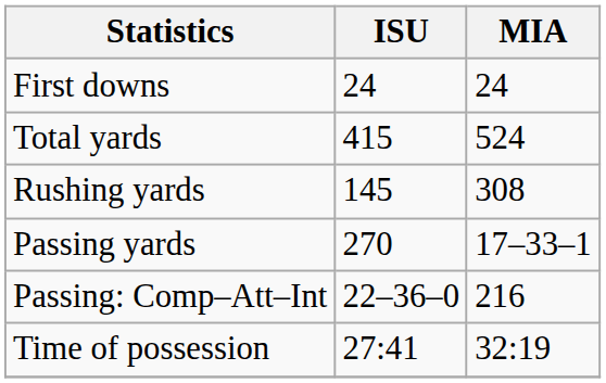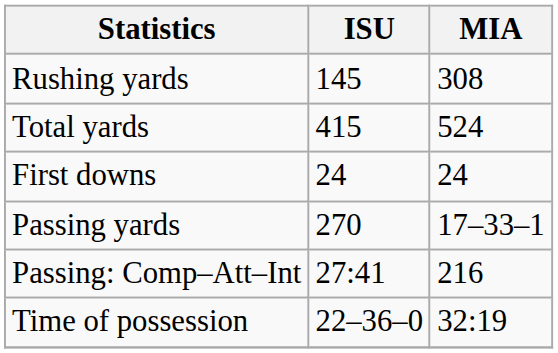 <table class="wikitable" style="float: left;">
 <tr>
 <th>Statistics</th>
 <th>ISU</th>
 <th>MIA</th>
 </tr>
 <tr>
-<td>First downs</td>
-<td>24</td>
-<td>24</td>
+<td>Rushing yards</td>
+<td>145</td>
+<td>308</td>
 </tr>
 <tr>
 <td>Total yards</td>
 <td>415</td>
 <td>524</td>
 </tr>
 <tr>
-<td>Rushing yards</td>
-<td>145</td>
-<td>308</td>
+<td>First downs</td>
+<td>24</td>
+<td>24</td>
 </tr>
 <tr>
 <td>Passing yards</td>
 <td>270</td>
 <td>17–33–1</td>
 </tr>
 <tr>
 <td>Passing: Comp–Att–Int</td>
-<td>22–36–0</td>
+<td>27:41</td>
 <td>216</td>
 </tr>
 <tr>
 <td>Time of possession</td>
-<td>27:41</td>
+<td>22–36–0</td>
 <td>32:19</td>
 </tr>
 <tr>
 </tr>
 </table>
